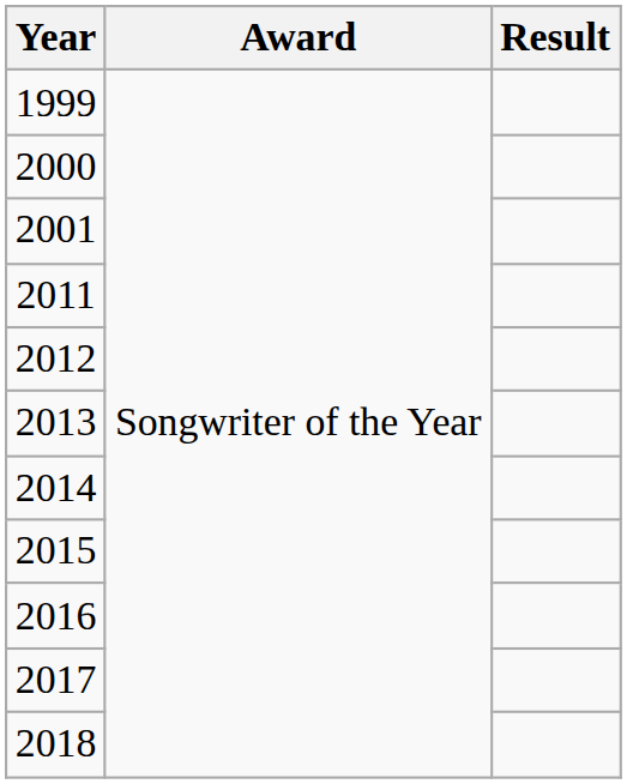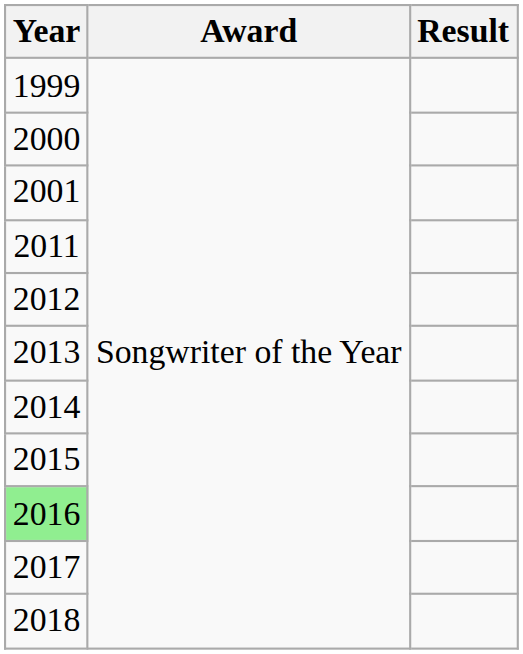 <table class="wikitable ">
 <tr>
 <th>Year</th>
 <th>Award</th>
 <th>Result</th>
 </tr>
 <tr>
 <td style="text-align:center;">1999</td>
 <td rowspan="11">Songwriter of the Year</td>
 <td></td>
 </tr>
 <tr>
 <td style="text-align:center;">2000</td>
 <td></td>
 </tr>
 <tr>
 <td style="text-align:center;">2001</td>
 <td></td>
 </tr>
 <tr>
 <td style="text-align:center;">2011</td>
 <td></td>
 </tr>
 <tr>
 <td style="text-align:center;">2012</td>
 <td></td>
 </tr>
 <tr>
 <td style="text-align:center;">2013</td>
 <td></td>
 </tr>
 <tr>
 <td style="text-align:center;">2014</td>
 <td></td>
 </tr>
 <tr>
 <td style="text-align:center;">2015</td>
 <td></td>
 </tr>
 <tr>
-<td style="text-align:center;">2016</td>
+<td style="background: lightgreen; text-align:center;">2016</td>
 <td></td>
 </tr>
 <tr>
 <td style="text-align:center;">2017</td>
 <td></td>
 </tr>
 <tr>
 <td style="text-align:center;">2018</td>
 <td></td>
 </tr>
 </table>
